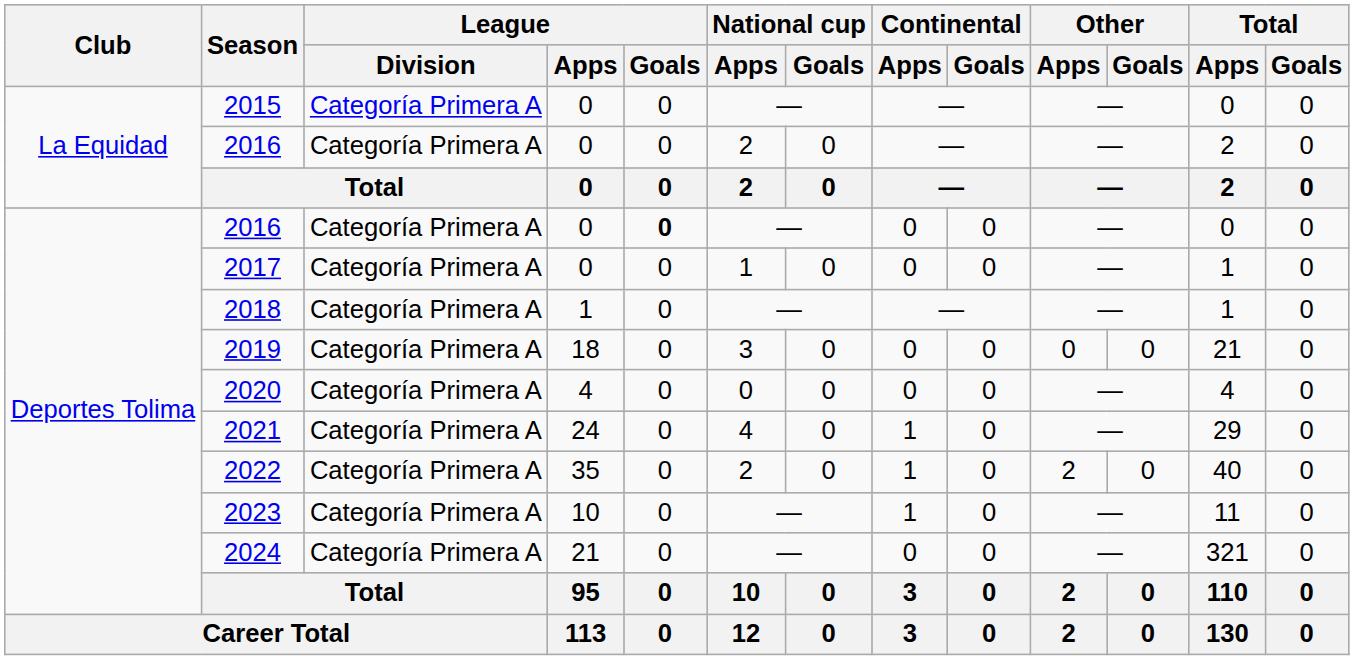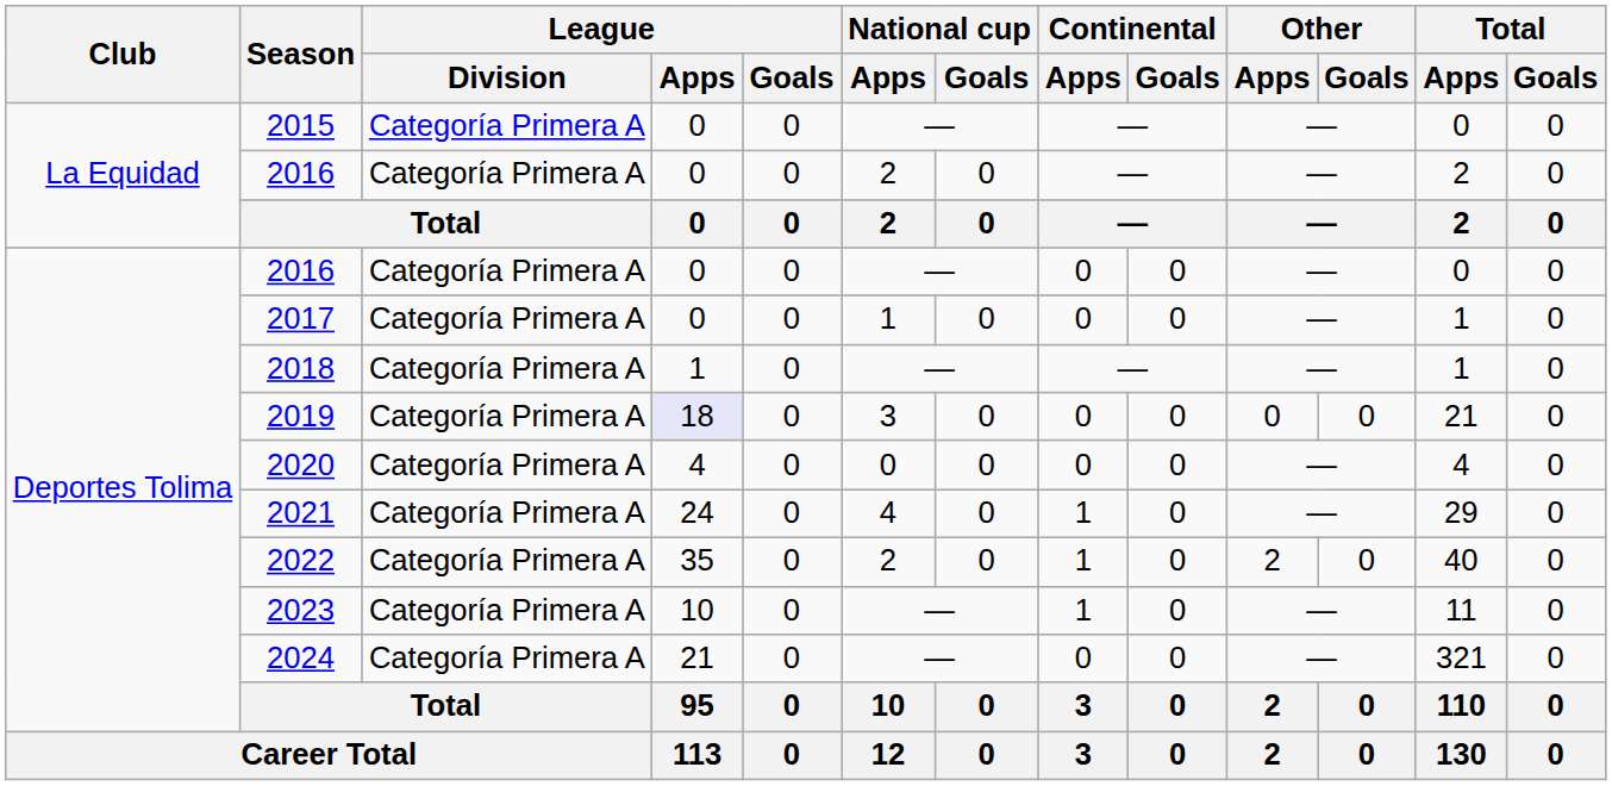 <table class="wikitable" style="text-align: center;">
 <tr>
 <th rowspan="2">Club</th>
 <th rowspan="2">Season</th>
 <th colspan="3">League</th>
 <th colspan="2">National cup</th>
 <th colspan="2">Continental</th>
 <th colspan="2">Other</th>
 <th colspan="2">Total</th>
 </tr>
 <tr>
 <th>Division</th>
 <th>Apps</th>
 <th>Goals</th>
 <th>Apps</th>
 <th>Goals</th>
 <th>Apps</th>
 <th>Goals</th>
 <th>Apps</th>
 <th>Goals</th>
 <th>Apps</th>
 <th>Goals</th>
 </tr>
 <tr>
 <td rowspan="3"><a href='#'>La Equidad</a></td>
 <td><a href='#'>2015</a></td>
 <td><a href='#'>Categoría Primera A</a></td>
 <td>0</td>
 <td>0</td>
 <td colspan="2">—</td>
 <td colspan="2">—</td>
 <td colspan="2">—</td>
 <td>0</td>
 <td>0</td>
 </tr>
 <tr>
 <td><a href='#'>2016</a></td>
 <td>Categoría Primera A</td>
 <td>0</td>
 <td>0</td>
 <td>2</td>
 <td>0</td>
 <td colspan="2">—</td>
 <td colspan="2">—</td>
 <td>2</td>
 <td>0</td>
 </tr>
 <tr>
 <th colspan="2">Total</th>
 <th>0</th>
 <th>0</th>
 <th>2</th>
 <th>0</th>
 <th colspan="2">—</th>
 <th colspan="2">—</th>
 <th>2</th>
 <th>0</th>
 </tr>
 <tr>
 <td rowspan="10"><a href='#'>Deportes Tolima</a></td>
 <td><a href='#'>2016</a></td>
 <td>Categoría Primera A</td>
 <td>0</td>
-<td><strong>0</strong></td>
+<td>0</td>
 <td colspan="2">—</td>
 <td>0</td>
 <td>0</td>
 <td colspan="2">—</td>
 <td>0</td>
 <td>0</td>
 </tr>
 <tr>
 <td><a href='#'>2017</a></td>
 <td>Categoría Primera A</td>
 <td>0</td>
 <td>0</td>
 <td>1</td>
 <td>0</td>
 <td>0</td>
 <td>0</td>
 <td colspan="2">—</td>
 <td>1</td>
 <td>0</td>
 </tr>
 <tr>
 <td><a href='#'>2018</a></td>
 <td>Categoría Primera A</td>
 <td>1</td>
 <td>0</td>
 <td colspan="2">—</td>
 <td colspan="2">—</td>
 <td colspan="2">—</td>
 <td>1</td>
 <td>0</td>
 </tr>
 <tr>
 <td><a href='#'>2019</a></td>
 <td>Categoría Primera A</td>
-<td>18</td>
+<td style="background: lavender;">18</td>
 <td>0</td>
 <td>3</td>
 <td>0</td>
 <td>0</td>
 <td>0</td>
 <td>0</td>
 <td>0</td>
 <td>21</td>
 <td>0</td>
 </tr>
 <tr>
 <td><a href='#'>2020</a></td>
 <td>Categoría Primera A</td>
 <td>4</td>
 <td>0</td>
 <td>0</td>
 <td>0</td>
 <td>0</td>
 <td>0</td>
 <td colspan="2">—</td>
 <td>4</td>
 <td>0</td>
 </tr>
 <tr>
 <td><a href='#'>2021</a></td>
 <td>Categoría Primera A</td>
 <td>24</td>
 <td>0</td>
 <td>4</td>
 <td>0</td>
 <td>1</td>
 <td>0</td>
 <td colspan="2">—</td>
 <td>29</td>
 <td>0</td>
 </tr>
 <tr>
 <td><a href='#'>2022</a></td>
 <td>Categoría Primera A</td>
 <td>35</td>
 <td>0</td>
 <td>2</td>
 <td>0</td>
 <td>1</td>
 <td>0</td>
 <td>2</td>
 <td>0</td>
 <td>40</td>
 <td>0</td>
 </tr>
 <tr>
 <td><a href='#'>2023</a></td>
 <td>Categoría Primera A</td>
 <td>10</td>
 <td>0</td>
 <td colspan="2">—</td>
 <td>1</td>
 <td>0</td>
 <td colspan="2">—</td>
 <td>11</td>
 <td>0</td>
 </tr>
 <tr>
 <td><a href='#'>2024</a></td>
 <td>Categoría Primera A</td>
 <td>21</td>
 <td>0</td>
 <td colspan="2">—</td>
 <td>0</td>
 <td>0</td>
 <td colspan="2">—</td>
 <td>321</td>
 <td>0</td>
 </tr>
 <tr>
 <th colspan="2">Total</th>
 <th>95</th>
 <th>0</th>
 <th>10</th>
 <th>0</th>
 <th>3</th>
 <th>0</th>
 <th>2</th>
 <th>0</th>
 <th>110</th>
 <th>0</th>
 </tr>
 <tr>
 <th colspan="3">Career Total</th>
 <th>113</th>
 <th>0</th>
 <th>12</th>
 <th>0</th>
 <th>3</th>
 <th>0</th>
 <th>2</th>
 <th>0</th>
 <th>130</th>
 <th>0</th>
 </tr>
 </table>
